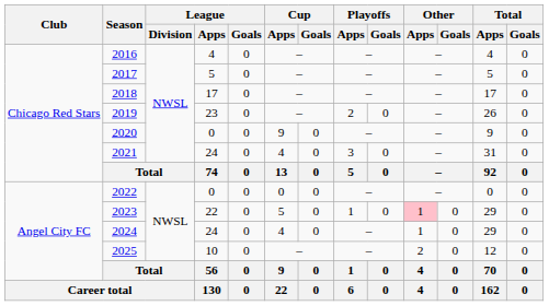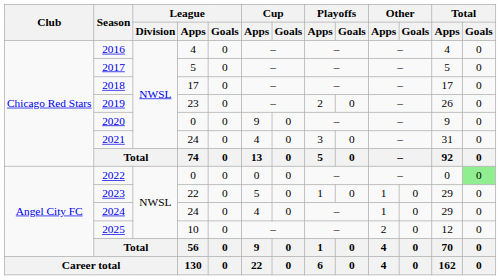 <table class="wikitable" style="text-align: center;">
 <tr>
 <th rowspan="2">Club</th>
 <th rowspan="2">Season</th>
 <th colspan="3">League</th>
 <th colspan="2">Cup</th>
 <th colspan="2">Playoffs</th>
 <th colspan="2">Other</th>
 <th colspan="2">Total</th>
 </tr>
 <tr>
 <th>Division</th>
 <th>Apps</th>
 <th>Goals</th>
 <th>Apps</th>
 <th>Goals</th>
 <th>Apps</th>
 <th>Goals</th>
 <th>Apps</th>
 <th>Goals</th>
 <th>Apps</th>
 <th>Goals</th>
 </tr>
 <tr>
 <td rowspan="7"><a href='#'>Chicago Red Stars</a></td>
 <td><a href='#'>2016</a></td>
 <td rowspan="6"><a href='#'>NWSL</a></td>
 <td>4</td>
 <td>0</td>
 <td colspan="2">–</td>
 <td colspan="2">–</td>
 <td colspan="2">–</td>
 <td>4</td>
 <td>0</td>
 </tr>
 <tr>
 <td><a href='#'>2017</a></td>
 <td>5</td>
 <td>0</td>
 <td colspan="2">–</td>
 <td colspan="2">–</td>
 <td colspan="2">–</td>
 <td>5</td>
 <td>0</td>
 </tr>
 <tr>
 <td><a href='#'>2018</a></td>
 <td>17</td>
 <td>0</td>
 <td colspan="2">–</td>
 <td colspan="2">–</td>
 <td colspan="2">–</td>
 <td>17</td>
 <td>0</td>
 </tr>
 <tr>
 <td><a href='#'>2019</a></td>
 <td>23</td>
 <td>0</td>
 <td colspan="2">–</td>
 <td>2</td>
 <td>0</td>
 <td colspan="2">–</td>
 <td>26</td>
 <td>0</td>
 </tr>
 <tr>
 <td><a href='#'>2020</a></td>
 <td>0</td>
 <td>0</td>
 <td>9</td>
 <td>0</td>
 <td colspan="2">–</td>
 <td colspan="2">–</td>
 <td>9</td>
 <td>0</td>
 </tr>
 <tr>
 <td><a href='#'>2021</a></td>
 <td>24</td>
 <td>0</td>
 <td>4</td>
 <td>0</td>
 <td>3</td>
 <td>0</td>
 <td colspan="2">–</td>
 <td>31</td>
 <td>0</td>
 </tr>
 <tr>
 <th colspan="2">Total</th>
 <th>74</th>
 <th>0</th>
 <th>13</th>
 <th>0</th>
 <th>5</th>
 <th>0</th>
 <th colspan="2">–</th>
 <th>92</th>
 <th>0</th>
 </tr>
 <tr>
 <td rowspan="5"><a href='#'>Angel City FC</a></td>
 <td><a href='#'>2022</a></td>
 <td rowspan="4">NWSL</td>
 <td>0</td>
 <td>0</td>
 <td>0</td>
 <td>0</td>
 <td colspan="2">–</td>
 <td colspan="2">–</td>
 <td>0</td>
-<td>0</td>
+<td style="background: lightgreen;">0</td>
 </tr>
 <tr>
 <td><a href='#'>2023</a></td>
 <td>22</td>
 <td>0</td>
 <td>5</td>
 <td>0</td>
 <td>1</td>
 <td>0</td>
-<td style="background: pink;">1</td>
+<td>1</td>
 <td>0</td>
 <td>29</td>
 <td>0</td>
 </tr>
 <tr>
 <td><a href='#'>2024</a></td>
 <td>24</td>
 <td>0</td>
 <td>4</td>
 <td>0</td>
 <td colspan="2">–</td>
 <td>1</td>
 <td>0</td>
 <td>29</td>
 <td>0</td>
 </tr>
 <tr>
 <td><a href='#'>2025</a></td>
 <td>10</td>
 <td>0</td>
 <td colspan="2">–</td>
 <td colspan="2">–</td>
 <td>2</td>
 <td>0</td>
 <td>12</td>
 <td>0</td>
 </tr>
 <tr>
 <th colspan="2">Total</th>
 <th>56</th>
 <th>0</th>
 <th>9</th>
 <th>0</th>
 <th>1</th>
 <th>0</th>
 <th>4</th>
 <th>0</th>
 <th>70</th>
 <th>0</th>
 </tr>
 <tr>
 <th colspan="3">Career total</th>
 <th>130</th>
 <th>0</th>
 <th>22</th>
 <th>0</th>
 <th>6</th>
 <th>0</th>
 <th>4</th>
 <th>0</th>
 <th>162</th>
 <th>0</th>
 </tr>
 </table>
